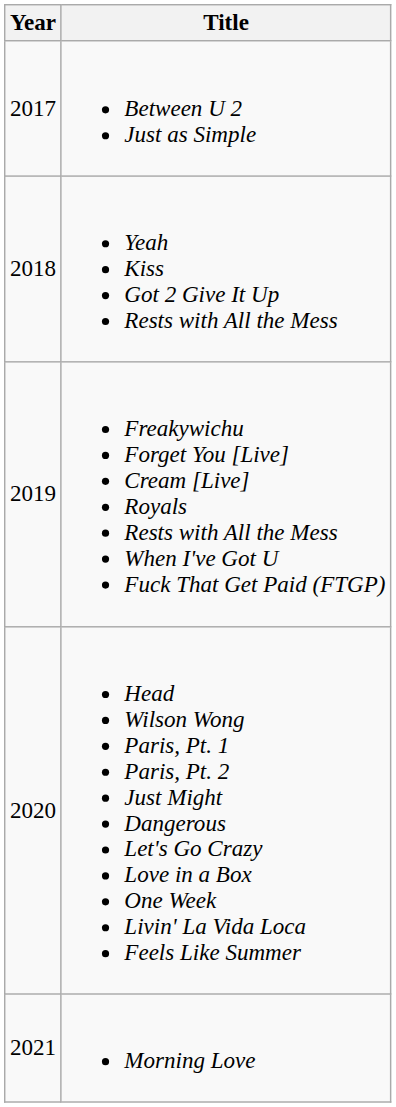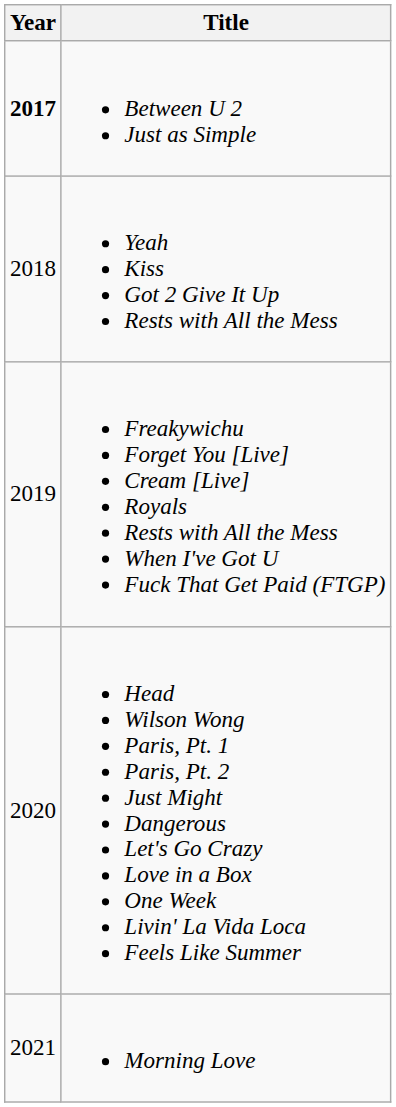 <table class="wikitable mw-collapsible mw-collapsed">
 <tr>
 <th>Year</th>
 <th>Title</th>
 </tr>
 <tr>
-<td>2017</td>
+<td><strong>2017</strong></td>
 <td><br><ul><li><em>Between U 2</em></li><li><em>Just as Simple</em></li></ul></td>
 </tr>
 <tr>
 <td>2018</td>
 <td><br><ul><li><em>Yeah</em></li><li><em>Kiss</em></li><li><em>Got 2 Give It Up</em></li><li><em>Rests with All the Mess</em></li></ul></td>
 </tr>
 <tr>
 <td>2019</td>
 <td><br><ul><li><em>Freakywichu</em></li><li><em>Forget You [Live]</em></li><li><em>Cream [Live]</em></li><li><em>Royals</em></li><li><em>Rests with All the Mess</em></li><li><em>When I've Got U</em></li><li><em>Fuck That Get Paid (FTGP)</em></li></ul></td>
 </tr>
 <tr>
 <td>2020</td>
 <td><br><ul><li><em>Head</em></li><li><em>Wilson Wong</em></li><li><em>Paris, Pt. 1</em></li><li><em>Paris, Pt. 2</em></li><li><em>Just Might</em></li><li><em>Dangerous</em></li><li><em>Let's Go Crazy</em></li><li><em>Love in a Box</em></li><li><em>One Week</em></li><li><em>Livin' La Vida Loca</em></li><li><em>Feels Like Summer</em></li></ul></td>
 </tr>
 <tr>
 <td>2021</td>
 <td><br><ul><li><em>Morning Love</em></li></ul></td>
 </tr>
 </table>
